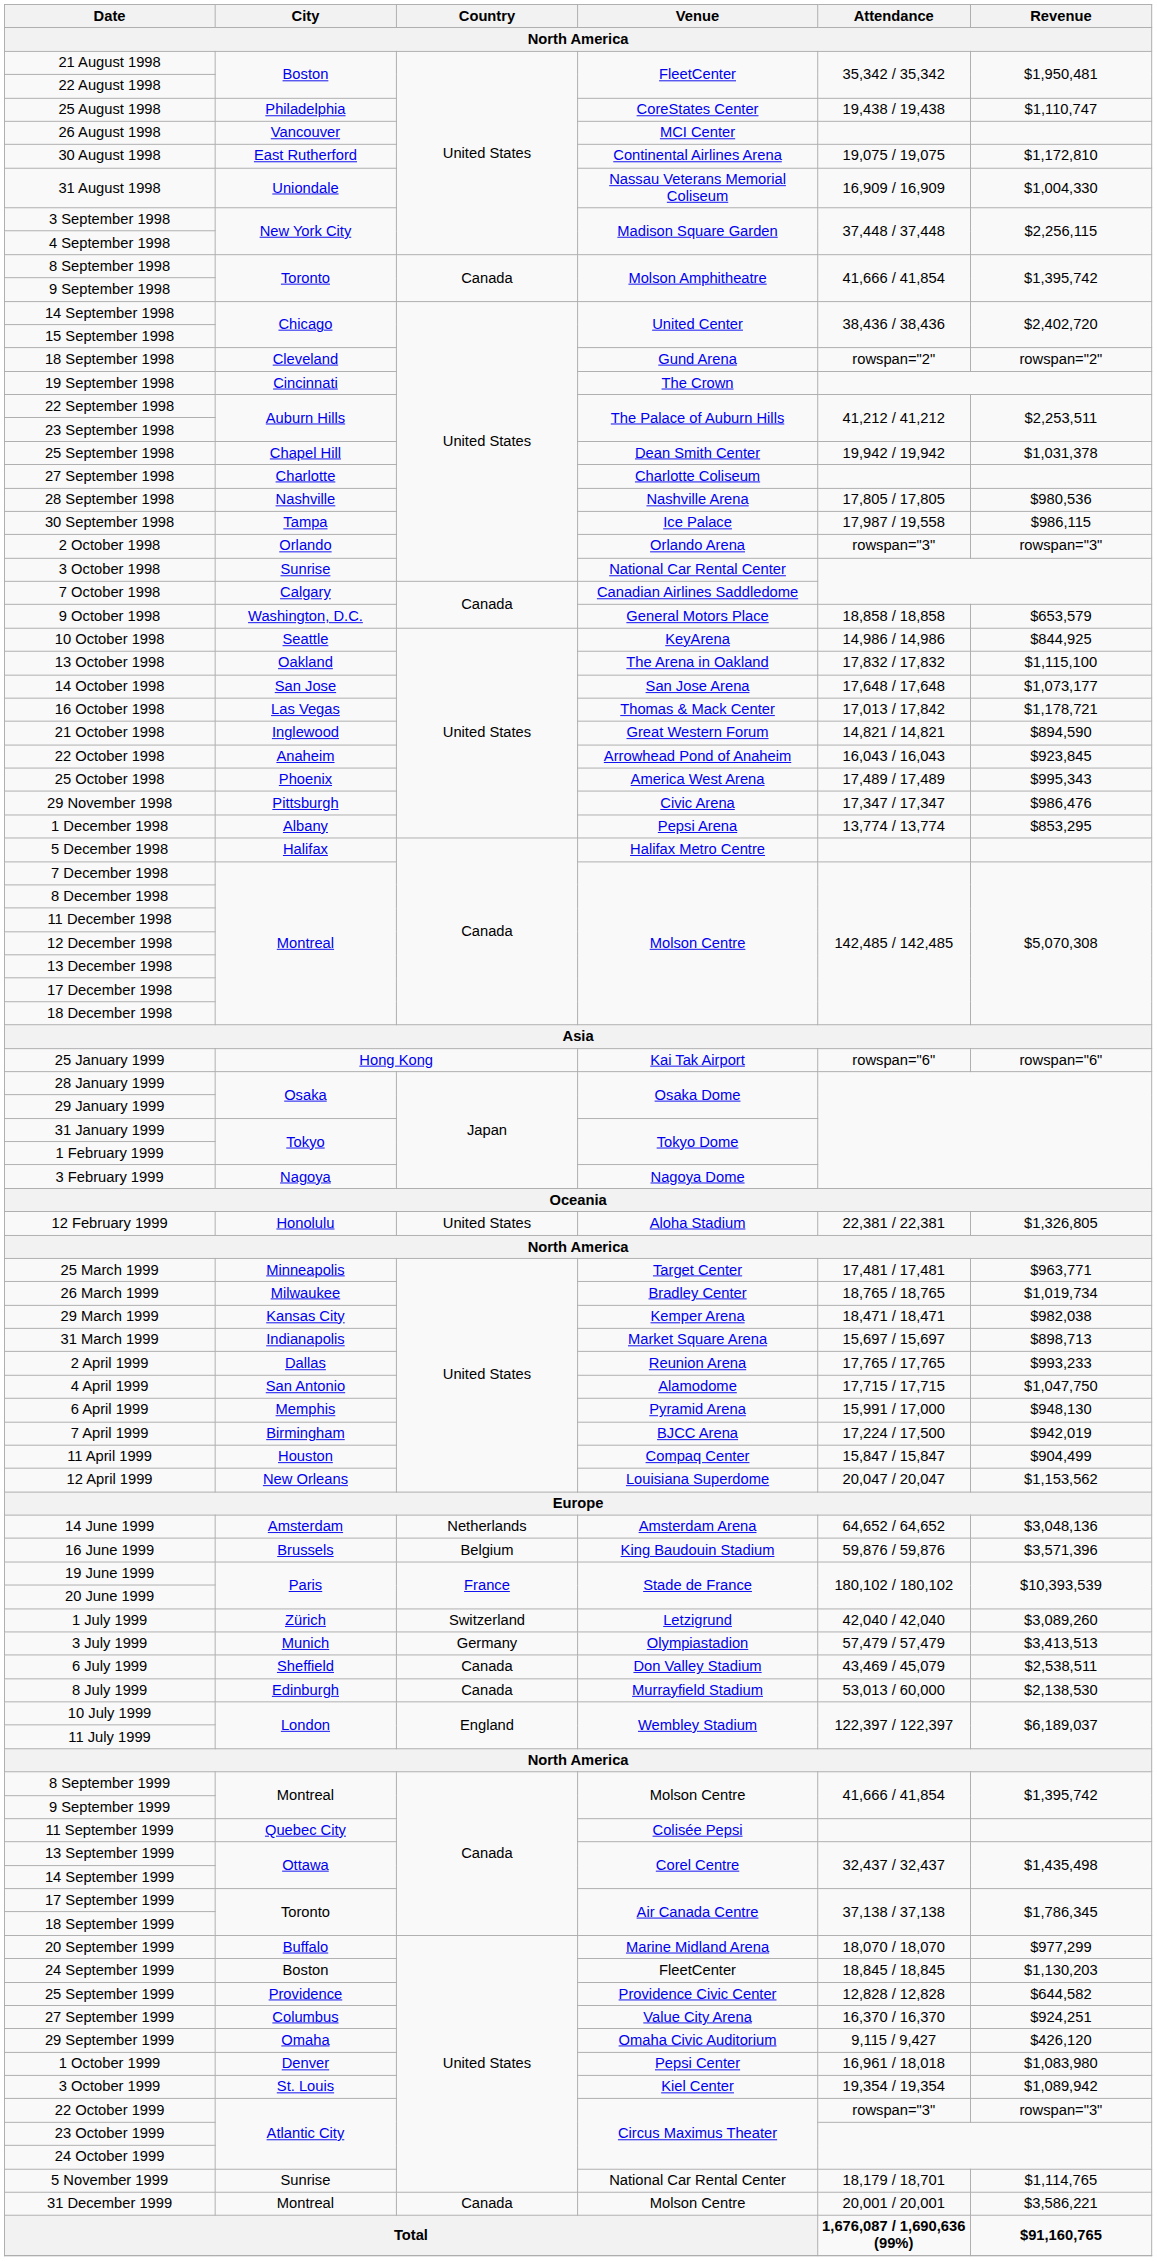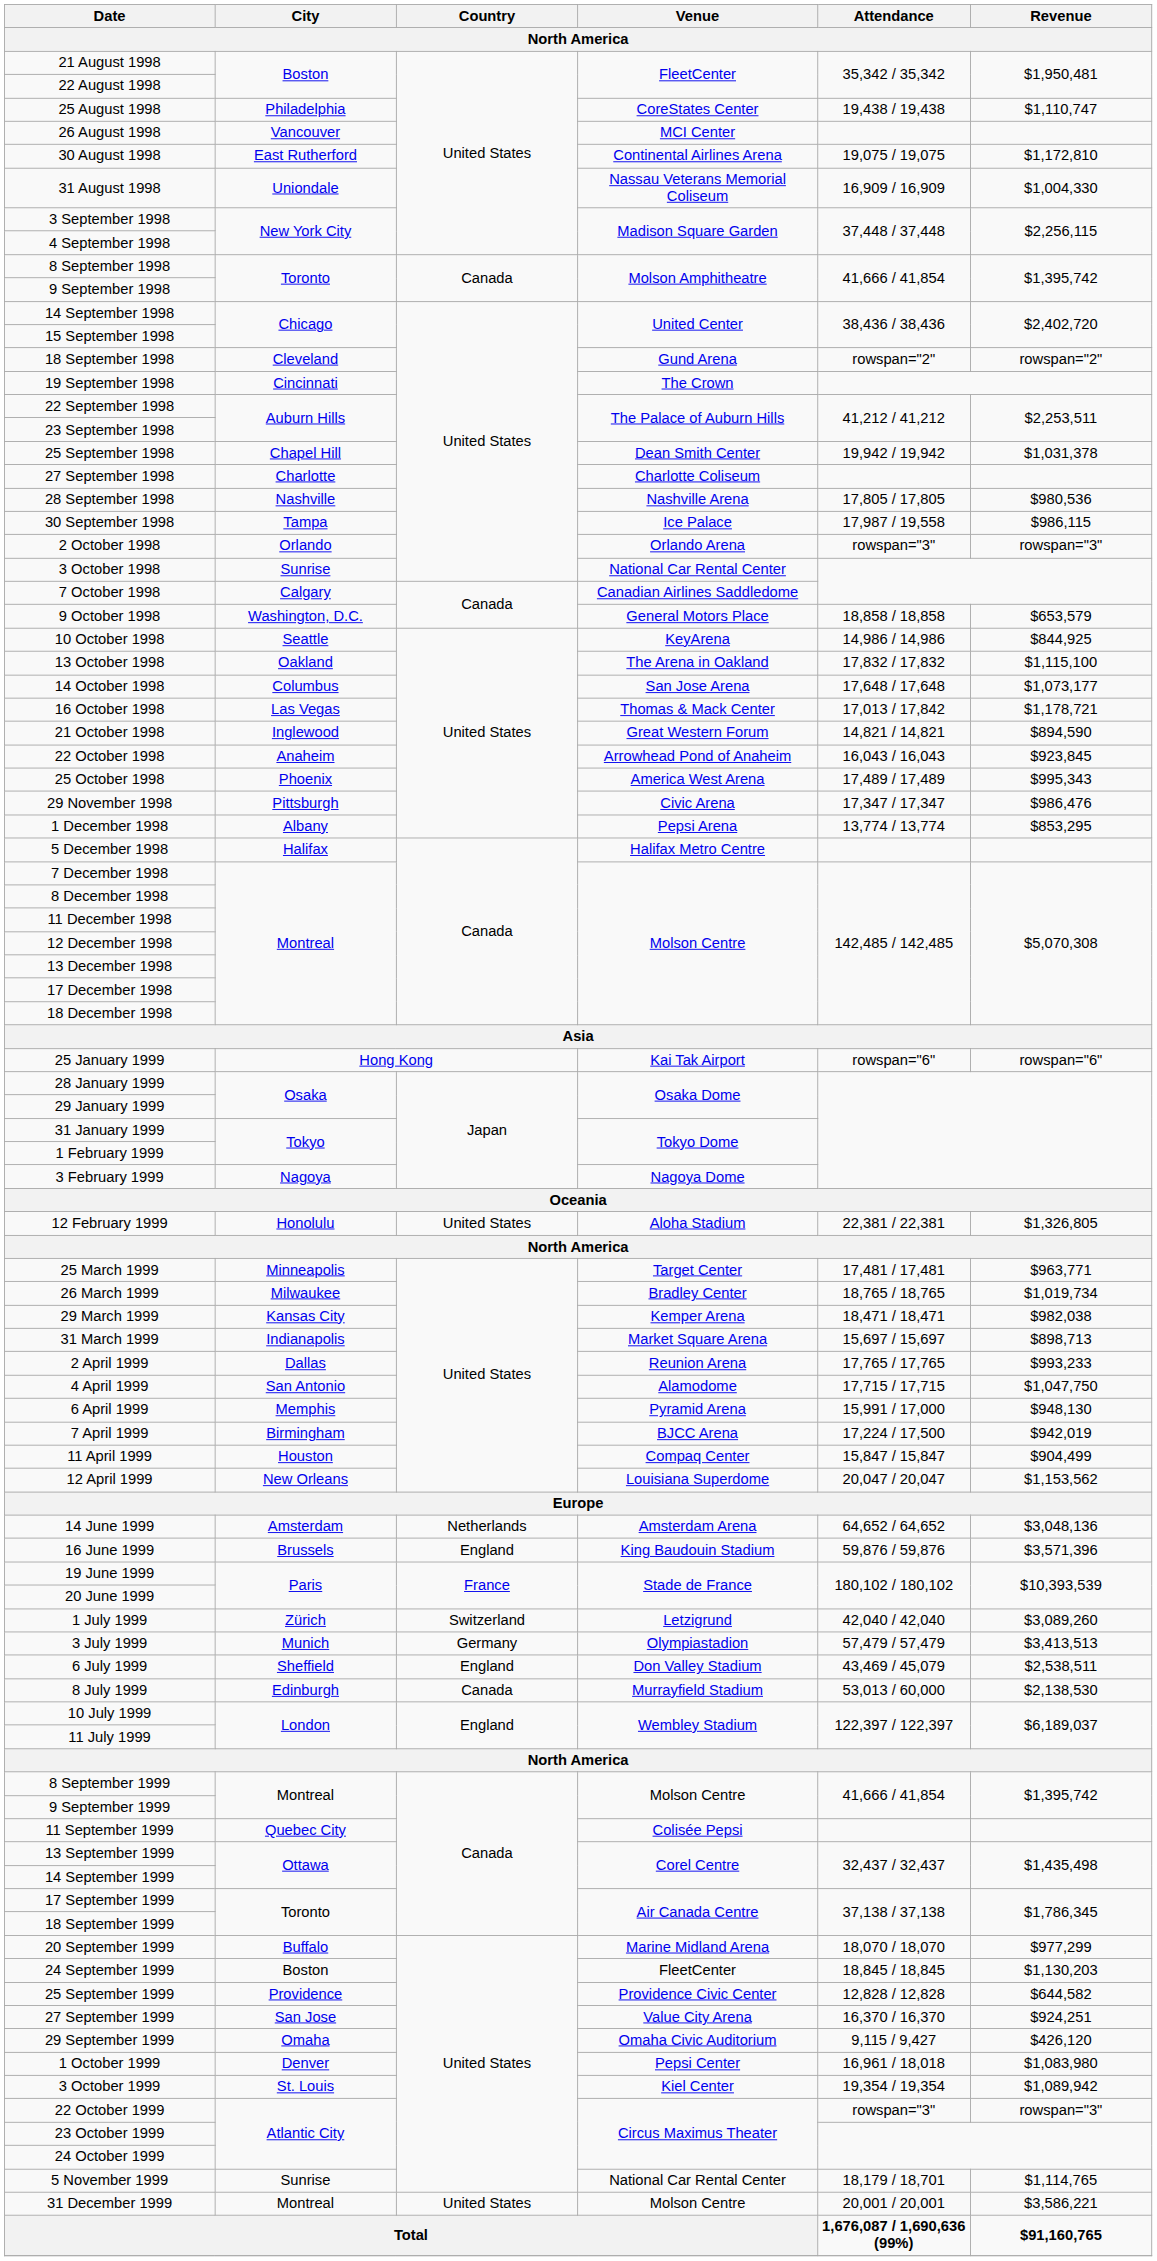 <table class="wikitable" style="text-align:center;">
 <tr>
 <th scope="col" style="width:14em;">Date</th>
 <th scope="col" style="width:12em;">City</th>
 <th scope="col" style="width:12em;">Country</th>
 <th scope="col" style="width:16em;">Venue</th>
 <th scope="col" style="width:10em;">Attendance</th>
 <th scope="col" style="width:12em;">Revenue</th>
 </tr>
 <tr>
 <th colspan="6"><strong>North America</strong></th>
 </tr>
 <tr>
 <td>21 August 1998</td>
 <td rowspan="2"><a href='#'>Boston</a></td>
 <td rowspan="8">United States</td>
 <td rowspan="2"><a href='#'>FleetCenter</a></td>
 <td rowspan="2">35,342 / 35,342</td>
 <td rowspan="2">$1,950,481</td>
 </tr>
 <tr>
 <td>22 August 1998</td>
 </tr>
 <tr>
 <td>25 August 1998</td>
 <td><a href='#'>Philadelphia</a></td>
 <td><a href='#'>CoreStates Center</a></td>
 <td>19,438 / 19,438</td>
 <td>$1,110,747</td>
 </tr>
 <tr>
 <td>26 August 1998</td>
 <td><a href='#'>Vancouver</a></td>
 <td><a href='#'>MCI Center</a></td>
 <td></td>
 <td></td>
 </tr>
 <tr>
 <td>30 August 1998</td>
 <td><a href='#'>East Rutherford</a></td>
 <td><a href='#'>Continental Airlines Arena</a></td>
 <td>19,075 / 19,075</td>
 <td>$1,172,810</td>
 </tr>
 <tr>
 <td>31 August 1998</td>
 <td><a href='#'>Uniondale</a></td>
 <td><a href='#'>Nassau Veterans Memorial Coliseum</a></td>
 <td>16,909 / 16,909</td>
 <td>$1,004,330</td>
 </tr>
 <tr>
 <td>3 September 1998</td>
 <td rowspan="2"><a href='#'>New York City</a></td>
 <td rowspan="2"><a href='#'>Madison Square Garden</a></td>
 <td rowspan="2">37,448 / 37,448</td>
 <td rowspan="2">$2,256,115</td>
 </tr>
 <tr>
 <td>4 September 1998</td>
 </tr>
 <tr>
 <td>8 September 1998</td>
 <td rowspan="2"><a href='#'>Toronto</a></td>
 <td rowspan="2">Canada</td>
 <td rowspan="2"><a href='#'>Molson Amphitheatre</a></td>
 <td rowspan="2">41,666 / 41,854</td>
 <td rowspan="2">$1,395,742</td>
 </tr>
 <tr>
 <td>9 September 1998</td>
 </tr>
 <tr>
 <td>14 September 1998</td>
 <td rowspan="2"><a href='#'>Chicago</a></td>
 <td rowspan="12">United States</td>
 <td rowspan="2"><a href='#'>United Center</a></td>
 <td rowspan="2">38,436 / 38,436</td>
 <td rowspan="2">$2,402,720</td>
 </tr>
 <tr>
 <td>15 September 1998</td>
 </tr>
 <tr>
 <td>18 September 1998</td>
 <td><a href='#'>Cleveland</a></td>
 <td><a href='#'>Gund Arena</a></td>
 <td>rowspan="2" </td>
 <td>rowspan="2" </td>
 </tr>
 <tr>
 <td>19 September 1998</td>
 <td><a href='#'>Cincinnati</a></td>
 <td><a href='#'>The Crown</a></td>
 </tr>
 <tr>
 <td>22 September 1998</td>
 <td rowspan="2"><a href='#'>Auburn Hills</a></td>
 <td rowspan="2"><a href='#'>The Palace of Auburn Hills</a></td>
 <td rowspan="2">41,212 / 41,212</td>
 <td rowspan="2">$2,253,511</td>
 </tr>
 <tr>
 <td>23 September 1998</td>
 </tr>
 <tr>
 <td>25 September 1998</td>
 <td><a href='#'>Chapel Hill</a></td>
 <td><a href='#'>Dean Smith Center</a></td>
 <td>19,942 / 19,942</td>
 <td>$1,031,378</td>
 </tr>
 <tr>
 <td>27 September 1998</td>
 <td><a href='#'>Charlotte</a></td>
 <td><a href='#'>Charlotte Coliseum</a></td>
 <td></td>
 <td></td>
 </tr>
 <tr>
 <td>28 September 1998</td>
 <td><a href='#'>Nashville</a></td>
 <td><a href='#'>Nashville Arena</a></td>
 <td>17,805 / 17,805</td>
 <td>$980,536</td>
 </tr>
 <tr>
 <td>30 September 1998</td>
 <td><a href='#'>Tampa</a></td>
 <td><a href='#'>Ice Palace</a></td>
 <td>17,987 / 19,558</td>
 <td>$986,115</td>
 </tr>
 <tr>
 <td>2 October 1998</td>
 <td><a href='#'>Orlando</a></td>
 <td><a href='#'>Orlando Arena</a></td>
 <td>rowspan="3" </td>
 <td>rowspan="3" </td>
 </tr>
 <tr>
 <td>3 October 1998</td>
 <td><a href='#'>Sunrise</a></td>
 <td><a href='#'>National Car Rental Center</a></td>
 </tr>
 <tr>
 <td>7 October 1998</td>
 <td><a href='#'>Calgary</a></td>
 <td rowspan="2">Canada</td>
 <td><a href='#'>Canadian Airlines Saddledome</a></td>
 </tr>
 <tr>
 <td>9 October 1998</td>
 <td><a href='#'>Washington, D.C.</a></td>
 <td><a href='#'>General Motors Place</a></td>
 <td>18,858 / 18,858</td>
 <td>$653,579</td>
 </tr>
 <tr>
 <td>10 October 1998</td>
 <td><a href='#'>Seattle</a></td>
 <td rowspan="9">United States</td>
 <td><a href='#'>KeyArena</a></td>
 <td>14,986 / 14,986</td>
 <td>$844,925</td>
 </tr>
 <tr>
 <td>13 October 1998</td>
 <td><a href='#'>Oakland</a></td>
 <td><a href='#'>The Arena in Oakland</a></td>
 <td>17,832 / 17,832</td>
 <td>$1,115,100</td>
 </tr>
 <tr>
 <td>14 October 1998</td>
-<td><a href='#'>San Jose</a></td>
+<td><a href='#'>Columbus</a></td>
 <td><a href='#'>San Jose Arena</a></td>
 <td>17,648 / 17,648</td>
 <td>$1,073,177</td>
 </tr>
 <tr>
 <td>16 October 1998</td>
 <td><a href='#'>Las Vegas</a></td>
 <td><a href='#'>Thomas & Mack Center</a></td>
 <td>17,013 / 17,842</td>
 <td>$1,178,721</td>
 </tr>
 <tr>
 <td>21 October 1998</td>
 <td><a href='#'>Inglewood</a></td>
 <td><a href='#'>Great Western Forum</a></td>
 <td>14,821 / 14,821</td>
 <td>$894,590</td>
 </tr>
 <tr>
 <td>22 October 1998</td>
 <td><a href='#'>Anaheim</a></td>
 <td><a href='#'>Arrowhead Pond of Anaheim</a></td>
 <td>16,043 / 16,043</td>
 <td>$923,845</td>
 </tr>
 <tr>
 <td>25 October 1998</td>
 <td><a href='#'>Phoenix</a></td>
 <td><a href='#'>America West Arena</a></td>
 <td>17,489 / 17,489</td>
 <td>$995,343</td>
 </tr>
 <tr>
 <td>29 November 1998</td>
 <td><a href='#'>Pittsburgh</a></td>
 <td><a href='#'>Civic Arena</a></td>
 <td>17,347 / 17,347</td>
 <td>$986,476</td>
 </tr>
 <tr>
 <td>1 December 1998</td>
 <td><a href='#'>Albany</a></td>
 <td><a href='#'>Pepsi Arena</a></td>
 <td>13,774 / 13,774</td>
 <td>$853,295</td>
 </tr>
 <tr>
 <td>5 December 1998</td>
 <td><a href='#'>Halifax</a></td>
 <td rowspan="8">Canada</td>
 <td><a href='#'>Halifax Metro Centre</a></td>
 <td></td>
 <td></td>
 </tr>
 <tr>
 <td>7 December 1998</td>
 <td rowspan="7"><a href='#'>Montreal</a></td>
 <td rowspan="7"><a href='#'>Molson Centre</a></td>
 <td rowspan="7">142,485 / 142,485</td>
 <td rowspan="7">$5,070,308</td>
 </tr>
 <tr>
 <td>8 December 1998</td>
 </tr>
 <tr>
 <td>11 December 1998</td>
 </tr>
 <tr>
 <td>12 December 1998</td>
 </tr>
 <tr>
 <td>13 December 1998</td>
 </tr>
 <tr>
 <td>17 December 1998</td>
 </tr>
 <tr>
 <td>18 December 1998</td>
 </tr>
 <tr>
 <th colspan="6">Asia</th>
 </tr>
 <tr>
 <td>25 January 1999</td>
 <td colspan="2"><a href='#'>Hong Kong</a></td>
 <td><a href='#'>Kai Tak Airport</a></td>
 <td>rowspan="6" </td>
 <td>rowspan="6" </td>
 </tr>
 <tr>
 <td align="center">28 January 1999</td>
 <td align="center" rowspan="2"><a href='#'>Osaka</a></td>
 <td align="center" rowspan="5">Japan</td>
 <td align="center" rowspan="2"><a href='#'>Osaka Dome</a></td>
 </tr>
 <tr>
 <td align="center">29 January 1999</td>
 </tr>
 <tr>
 <td align="center">31 January 1999</td>
 <td align="center" rowspan="2"><a href='#'>Tokyo</a></td>
 <td align="center" rowspan="2"><a href='#'>Tokyo Dome</a></td>
 </tr>
 <tr>
 <td align="center">1 February 1999</td>
 </tr>
 <tr>
 <td align="center">3 February 1999</td>
 <td align="center"><a href='#'>Nagoya</a></td>
 <td align="center"><a href='#'>Nagoya Dome</a></td>
 </tr>
 <tr>
 <th colspan="6">Oceania</th>
 </tr>
 <tr>
 <td>12 February 1999</td>
 <td><a href='#'>Honolulu</a></td>
 <td>United States</td>
 <td><a href='#'>Aloha Stadium</a></td>
 <td>22,381 / 22,381</td>
 <td>$1,326,805</td>
 </tr>
 <tr>
 <th colspan="6">North America</th>
 </tr>
 <tr>
 <td>25 March 1999</td>
 <td><a href='#'>Minneapolis</a></td>
 <td rowspan="10">United States</td>
 <td><a href='#'>Target Center</a></td>
 <td>17,481 / 17,481</td>
 <td>$963,771</td>
 </tr>
 <tr>
 <td>26 March 1999</td>
 <td><a href='#'>Milwaukee</a></td>
 <td><a href='#'>Bradley Center</a></td>
 <td>18,765 / 18,765</td>
 <td>$1,019,734</td>
 </tr>
 <tr>
 <td>29 March 1999</td>
 <td><a href='#'>Kansas City</a></td>
 <td><a href='#'>Kemper Arena</a></td>
 <td>18,471 / 18,471</td>
 <td>$982,038</td>
 </tr>
 <tr>
 <td>31 March 1999</td>
 <td><a href='#'>Indianapolis</a></td>
 <td><a href='#'>Market Square Arena</a></td>
 <td>15,697 / 15,697</td>
 <td>$898,713</td>
 </tr>
 <tr>
 <td>2 April 1999</td>
 <td><a href='#'>Dallas</a></td>
 <td><a href='#'>Reunion Arena</a></td>
 <td>17,765 / 17,765</td>
 <td>$993,233</td>
 </tr>
 <tr>
 <td>4 April 1999</td>
 <td><a href='#'>San Antonio</a></td>
 <td><a href='#'>Alamodome</a></td>
 <td>17,715 / 17,715</td>
 <td>$1,047,750</td>
 </tr>
 <tr>
 <td>6 April 1999</td>
 <td><a href='#'>Memphis</a></td>
 <td><a href='#'>Pyramid Arena</a></td>
 <td>15,991 / 17,000</td>
 <td>$948,130</td>
 </tr>
 <tr>
 <td>7 April 1999</td>
 <td><a href='#'>Birmingham</a></td>
 <td><a href='#'>BJCC Arena</a></td>
 <td>17,224 / 17,500</td>
 <td>$942,019</td>
 </tr>
 <tr>
 <td>11 April 1999</td>
 <td><a href='#'>Houston</a></td>
 <td><a href='#'>Compaq Center</a></td>
 <td>15,847 / 15,847</td>
 <td>$904,499</td>
 </tr>
 <tr>
 <td>12 April 1999</td>
 <td><a href='#'>New Orleans</a></td>
 <td><a href='#'>Louisiana Superdome</a></td>
 <td>20,047 / 20,047</td>
 <td>$1,153,562</td>
 </tr>
 <tr>
 <th colspan="6">Europe</th>
 </tr>
 <tr>
 <td>14 June 1999</td>
 <td><a href='#'>Amsterdam</a></td>
 <td>Netherlands</td>
 <td><a href='#'>Amsterdam Arena</a></td>
 <td>64,652 / 64,652</td>
 <td>$3,048,136</td>
 </tr>
 <tr>
 <td>16 June 1999</td>
 <td><a href='#'>Brussels</a></td>
-<td>Belgium</td>
+<td>England</td>
 <td><a href='#'>King Baudouin Stadium</a></td>
 <td>59,876 / 59,876</td>
 <td>$3,571,396</td>
 </tr>
 <tr>
 <td>19 June 1999</td>
 <td rowspan="2"><a href='#'>Paris</a></td>
 <td rowspan="2"><a href='#'>France</a></td>
 <td rowspan="2"><a href='#'>Stade de France</a></td>
 <td rowspan="2">180,102 / 180,102</td>
 <td rowspan="2">$10,393,539</td>
 </tr>
 <tr>
 <td>20 June 1999</td>
 </tr>
 <tr>
 <td>1 July 1999</td>
 <td><a href='#'>Zürich</a></td>
 <td>Switzerland</td>
 <td><a href='#'>Letzigrund</a></td>
 <td>42,040 / 42,040</td>
 <td>$3,089,260</td>
 </tr>
 <tr>
 <td>3 July 1999</td>
 <td><a href='#'>Munich</a></td>
 <td>Germany</td>
 <td><a href='#'>Olympiastadion</a></td>
 <td>57,479 / 57,479</td>
 <td>$3,413,513</td>
 </tr>
 <tr>
 <td>6 July 1999</td>
 <td><a href='#'>Sheffield</a></td>
-<td>Canada</td>
+<td>England</td>
 <td><a href='#'>Don Valley Stadium</a></td>
 <td>43,469 / 45,079</td>
 <td>$2,538,511</td>
 </tr>
 <tr>
 <td>8 July 1999</td>
 <td><a href='#'>Edinburgh</a></td>
 <td>Canada</td>
 <td><a href='#'>Murrayfield Stadium</a></td>
 <td>53,013  / 60,000</td>
 <td>$2,138,530</td>
 </tr>
 <tr>
 <td>10 July 1999</td>
 <td rowspan="2"><a href='#'>London</a></td>
 <td rowspan="2">England</td>
 <td rowspan="2"><a href='#'>Wembley Stadium</a></td>
 <td rowspan="2">122,397 / 122,397</td>
 <td rowspan="2">$6,189,037</td>
 </tr>
 <tr>
 <td>11 July 1999</td>
 </tr>
 <tr>
 <th colspan="8"><strong>North America</strong></th>
 </tr>
 <tr>
 <td>8 September 1999</td>
 <td rowspan="2">Montreal</td>
 <td rowspan="7">Canada</td>
 <td rowspan="2">Molson Centre</td>
 <td rowspan="2">41,666 / 41,854</td>
 <td rowspan="2">$1,395,742</td>
 </tr>
 <tr>
 <td>9 September 1999</td>
 </tr>
 <tr>
 <td>11 September 1999</td>
 <td><a href='#'>Quebec City</a></td>
 <td><a href='#'>Colisée Pepsi</a></td>
 <td></td>
 <td></td>
 </tr>
 <tr>
 <td>13 September 1999</td>
 <td rowspan="2"><a href='#'>Ottawa</a></td>
 <td rowspan="2"><a href='#'>Corel Centre</a></td>
 <td rowspan="2">32,437 / 32,437</td>
 <td rowspan="2">$1,435,498</td>
 </tr>
 <tr>
 <td>14 September 1999</td>
 </tr>
 <tr>
 <td>17 September 1999</td>
 <td rowspan="2">Toronto</td>
 <td rowspan="2"><a href='#'>Air Canada Centre</a></td>
 <td rowspan="2">37,138 / 37,138</td>
 <td rowspan="2">$1,786,345</td>
 </tr>
 <tr>
 <td>18 September 1999</td>
 </tr>
 <tr>
 <td>20 September 1999</td>
 <td><a href='#'>Buffalo</a></td>
 <td rowspan="11">United States</td>
 <td><a href='#'>Marine Midland Arena</a></td>
 <td>18,070 / 18,070</td>
 <td>$977,299</td>
 </tr>
 <tr>
 <td>24 September 1999</td>
 <td>Boston</td>
 <td>FleetCenter</td>
 <td>18,845 / 18,845</td>
 <td>$1,130,203</td>
 </tr>
 <tr>
 <td>25 September 1999</td>
 <td><a href='#'>Providence</a></td>
 <td><a href='#'>Providence Civic Center</a></td>
 <td>12,828 / 12,828</td>
 <td>$644,582</td>
 </tr>
 <tr>
 <td>27 September 1999</td>
-<td><a href='#'>Columbus</a></td>
+<td><a href='#'>San Jose</a></td>
 <td><a href='#'>Value City Arena</a></td>
 <td>16,370 / 16,370</td>
 <td>$924,251</td>
 </tr>
 <tr>
 <td>29 September 1999</td>
 <td><a href='#'>Omaha</a></td>
 <td><a href='#'>Omaha Civic Auditorium</a></td>
 <td>9,115 / 9,427</td>
 <td>$426,120</td>
 </tr>
 <tr>
 <td>1 October 1999</td>
 <td><a href='#'>Denver</a></td>
 <td><a href='#'>Pepsi Center</a></td>
 <td>16,961 / 18,018</td>
 <td>$1,083,980</td>
 </tr>
 <tr>
 <td>3 October 1999</td>
 <td><a href='#'>St. Louis</a></td>
 <td><a href='#'>Kiel Center</a></td>
 <td>19,354 / 19,354</td>
 <td>$1,089,942</td>
 </tr>
 <tr>
 <td>22 October 1999</td>
 <td rowspan="3"><a href='#'>Atlantic City</a></td>
 <td rowspan="3"><a href='#'>Circus Maximus Theater</a></td>
 <td>rowspan="3" </td>
 <td>rowspan="3" </td>
 </tr>
 <tr>
 <td>23 October 1999</td>
 </tr>
 <tr>
 <td>24 October 1999</td>
 </tr>
 <tr>
 <td>5 November 1999</td>
 <td>Sunrise</td>
 <td>National Car Rental Center</td>
 <td>18,179 / 18,701</td>
 <td>$1,114,765</td>
 </tr>
 <tr>
 <td>31 December 1999</td>
 <td>Montreal</td>
-<td>Canada</td>
+<td>United States</td>
 <td>Molson Centre</td>
 <td>20,001 / 20,001</td>
 <td>$3,586,221</td>
 </tr>
 <tr>
 <th colspan="4">Total</th>
 <td><strong>1,676,087 / 1,690,636 (99%)</strong></td>
 <td><strong>$91,160,765</strong></td>
 </tr>
 <tr>
 </tr>
 </table>
